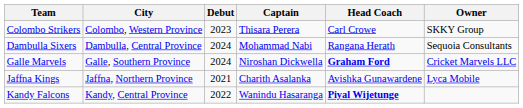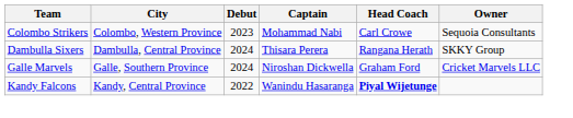 <table class="wikitable">
 <tr>
 <th>Team</th>
 <th>City</th>
 <th>Debut</th>
 <th>Captain</th>
 <th>Head Coach</th>
 <th>Owner</th>
 </tr>
 <tr>
 <td><a href='#'>Colombo Strikers</a></td>
 <td><a href='#'>Colombo</a>, <a href='#'>Western Province</a></td>
 <td style="text-align:center;">2023</td>
-<td><a href='#'>Thisara Perera</a></td>
+<td><a href='#'>Mohammad Nabi</a></td>
 <td><a href='#'>Carl Crowe</a></td>
-<td>SKKY Group</td>
+<td>Sequoia Consultants</td>
 </tr>
 <tr>
 <td><a href='#'>Dambulla Sixers</a></td>
 <td><a href='#'>Dambulla</a>, <a href='#'>Central Province</a></td>
 <td style="text-align:center;">2024</td>
-<td><a href='#'>Mohammad Nabi</a></td>
+<td><a href='#'>Thisara Perera</a></td>
 <td><a href='#'>Rangana Herath</a></td>
-<td>Sequoia Consultants</td>
+<td>SKKY Group</td>
 </tr>
 <tr>
 <td><a href='#'>Galle Marvels</a></td>
 <td><a href='#'>Galle</a>, <a href='#'>Southern Province</a></td>
 <td style="text-align:center;">2024</td>
 <td><a href='#'>Niroshan Dickwella</a></td>
-<td><strong><a href='#'>Graham Ford</a></strong></td>
+<td><a href='#'>Graham Ford</a></td>
 <td><a href='#'>Cricket Marvels LLC</a></td>
-</tr>
-<tr>
-<td><a href='#'>Jaffna Kings</a></td>
-<td><a href='#'>Jaffna</a>, <a href='#'>Northern Province</a></td>
-<td style="text-align:center;">2021</td>
-<td><a href='#'>Charith Asalanka</a></td>
-<td><a href='#'>Avishka Gunawardene</a></td>
-<td><a href='#'>Lyca Mobile</a></td>
 </tr>
 <tr>
 <td><a href='#'>Kandy Falcons</a></td>
 <td><a href='#'>Kandy</a>, <a href='#'>Central Province</a></td>
 <td style="text-align:center;">2022</td>
 <td><a href='#'>Wanindu Hasaranga</a></td>
 <td><strong><a href='#'>Piyal Wijetunge</a></strong></td>
 <td></td>
 </tr>
 </table>
